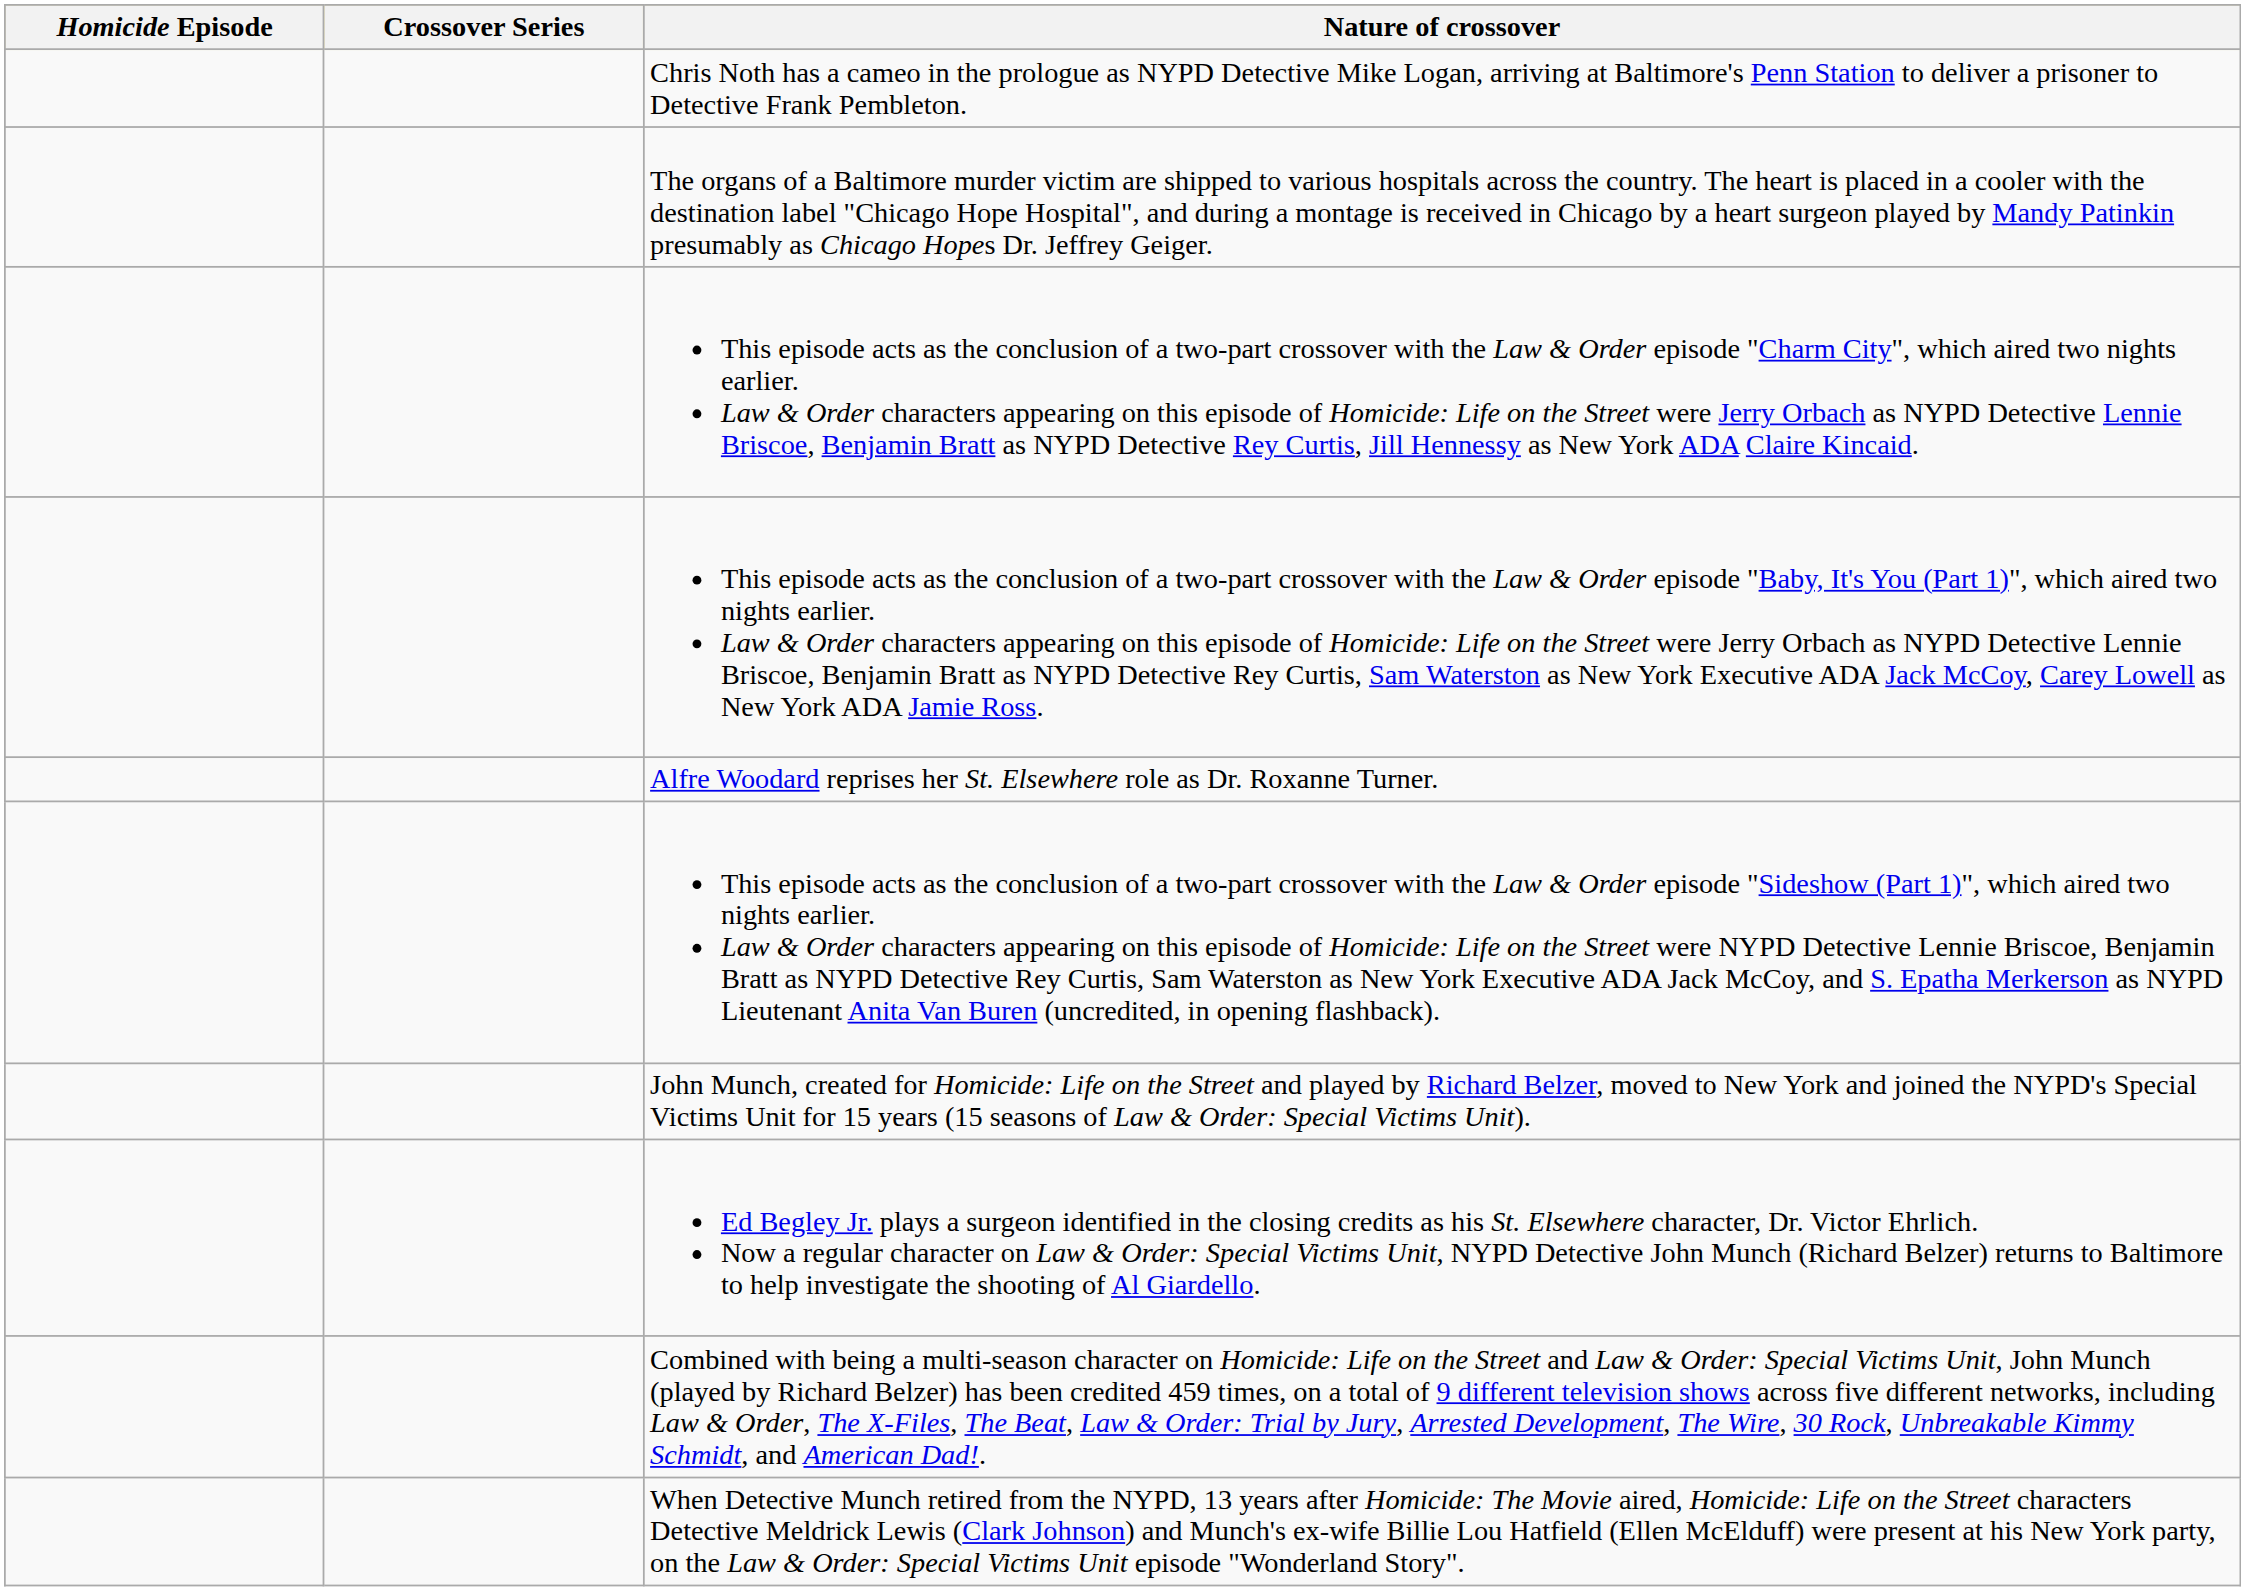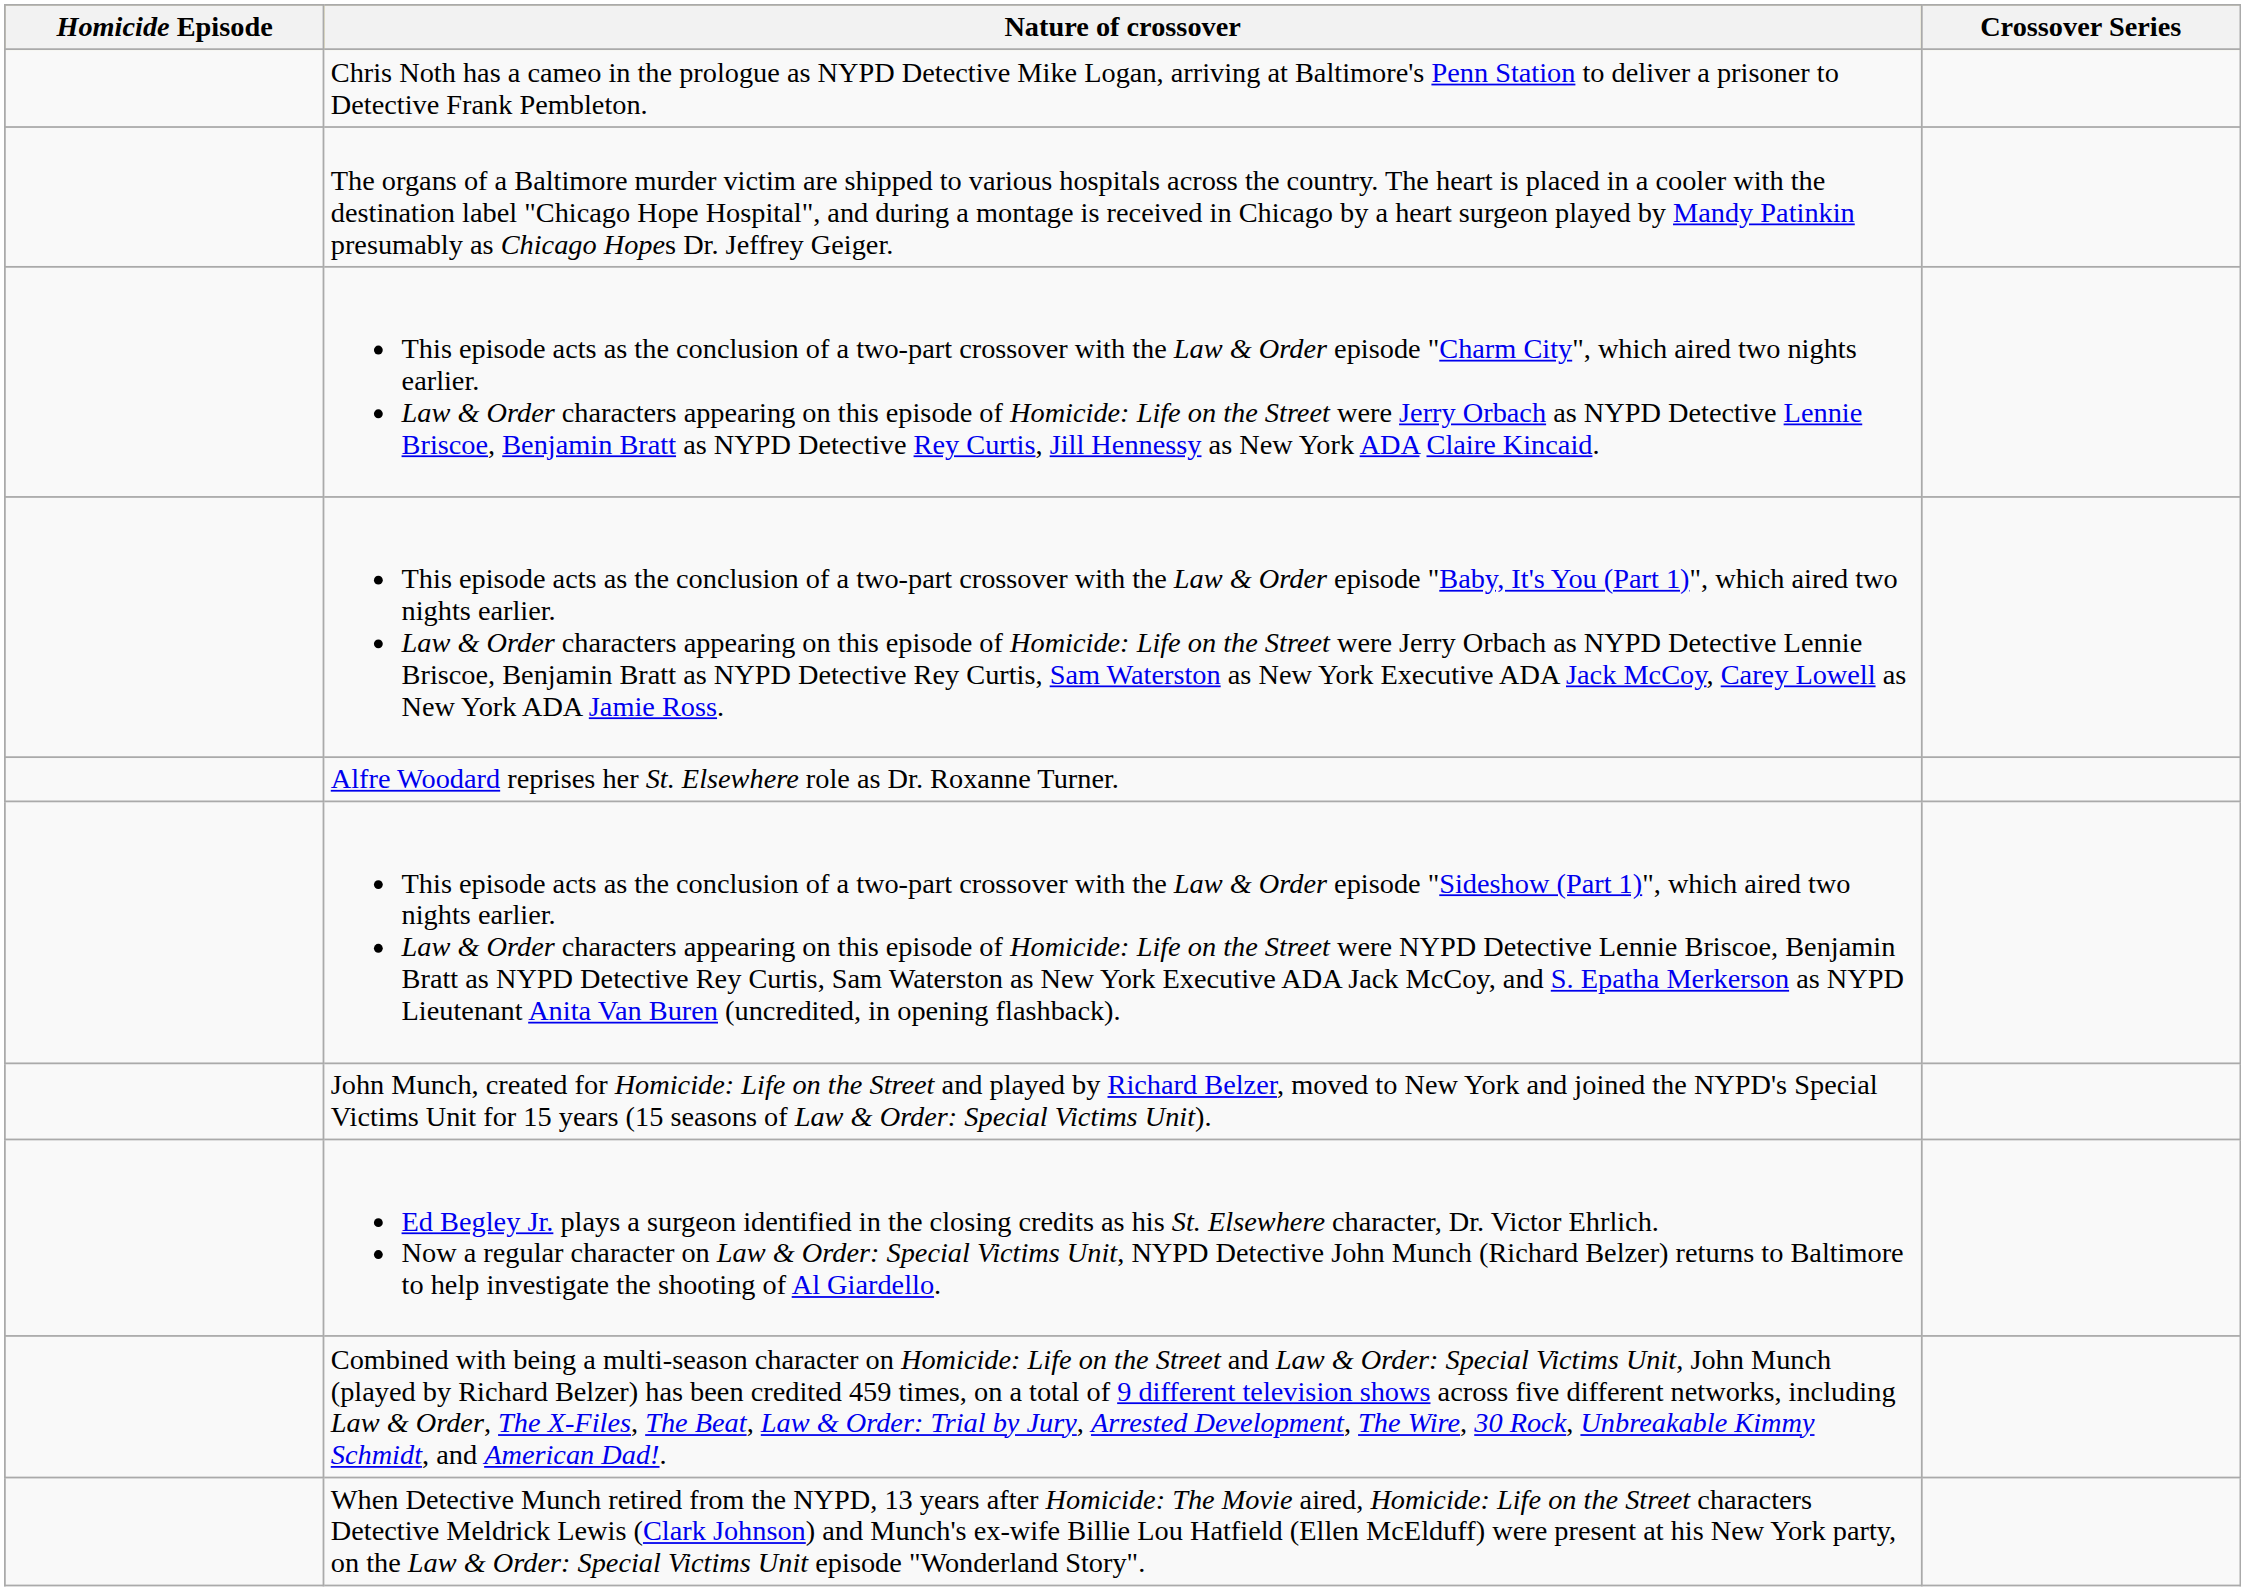 <table class="wikitable" width="100%">
 <tr style="background-color:#eed62d">
 <th width="10%"><em>Homicide</em> Episode</th>
+<th width="50%">Nature of crossover</th>
 <th width="10%">Crossover Series</th>
-<th width="50%">Nature of crossover</th>
 </tr>
 <tr>
 <td></td>
+<td>Chris Noth has a cameo in the prologue as NYPD Detective Mike Logan, arriving at Baltimore's <a href='#'>Penn Station</a> to deliver a prisoner to Detective Frank Pembleton.</td>
 <td></td>
-<td>Chris Noth has a cameo in the prologue as NYPD Detective Mike Logan, arriving at Baltimore's <a href='#'>Penn Station</a> to deliver a prisoner to Detective Frank Pembleton.</td>
 </tr>
 <tr>
 <td></td>
+<td><br>The organs of a Baltimore murder victim are shipped to various hospitals across the country. The heart is placed in a cooler with the destination label "Chicago Hope Hospital", and during a montage is received in Chicago by a heart surgeon played by <a href='#'>Mandy Patinkin</a> presumably as <em>Chicago Hope</em>s Dr. Jeffrey Geiger.</td>
 <td></td>
-<td><br>The organs of a Baltimore murder victim are shipped to various hospitals across the country. The heart is placed in a cooler with the destination label "Chicago Hope Hospital", and during a montage is received in Chicago by a heart surgeon played by <a href='#'>Mandy Patinkin</a> presumably as <em>Chicago Hope</em>s Dr. Jeffrey Geiger.</td>
 </tr>
 <tr>
 <td></td>
+<td><br><ul><li>This episode acts as the conclusion of a two-part crossover with the <em>Law & Order</em> episode "<a href='#'>Charm City</a>", which aired two nights earlier.</li><li><em>Law & Order</em> characters appearing on this episode of <em>Homicide: Life on the Street</em> were <a href='#'>Jerry Orbach</a> as NYPD Detective <a href='#'>Lennie Briscoe</a>, <a href='#'>Benjamin Bratt</a> as NYPD Detective <a href='#'>Rey Curtis</a>, <a href='#'>Jill Hennessy</a> as New York <a href='#'>ADA</a> <a href='#'>Claire Kincaid</a>.</li></ul></td>
 <td></td>
-<td><br><ul><li>This episode acts as the conclusion of a two-part crossover with the <em>Law & Order</em> episode "<a href='#'>Charm City</a>", which aired two nights earlier.</li><li><em>Law & Order</em> characters appearing on this episode of <em>Homicide: Life on the Street</em> were <a href='#'>Jerry Orbach</a> as NYPD Detective <a href='#'>Lennie Briscoe</a>, <a href='#'>Benjamin Bratt</a> as NYPD Detective <a href='#'>Rey Curtis</a>, <a href='#'>Jill Hennessy</a> as New York <a href='#'>ADA</a> <a href='#'>Claire Kincaid</a>.</li></ul></td>
 </tr>
 <tr>
 <td></td>
+<td><br><ul><li>This episode acts as the conclusion of a two-part crossover with the <em>Law & Order</em> episode "<a href='#'>Baby, It's You (Part 1)</a>", which aired two nights earlier.</li><li><em>Law & Order</em> characters appearing on this episode of <em>Homicide: Life on the Street</em> were Jerry Orbach as NYPD Detective Lennie Briscoe, Benjamin Bratt as NYPD Detective Rey Curtis, <a href='#'>Sam Waterston</a> as New York Executive ADA <a href='#'>Jack McCoy</a>, <a href='#'>Carey Lowell</a> as New York ADA <a href='#'>Jamie Ross</a>.</li></ul></td>
 <td></td>
-<td><br><ul><li>This episode acts as the conclusion of a two-part crossover with the <em>Law & Order</em> episode "<a href='#'>Baby, It's You (Part 1)</a>", which aired two nights earlier.</li><li><em>Law & Order</em> characters appearing on this episode of <em>Homicide: Life on the Street</em> were Jerry Orbach as NYPD Detective Lennie Briscoe, Benjamin Bratt as NYPD Detective Rey Curtis, <a href='#'>Sam Waterston</a> as New York Executive ADA <a href='#'>Jack McCoy</a>, <a href='#'>Carey Lowell</a> as New York ADA <a href='#'>Jamie Ross</a>.</li></ul></td>
 </tr>
 <tr>
 <td></td>
+<td><a href='#'>Alfre Woodard</a> reprises her <em>St. Elsewhere</em> role as Dr. Roxanne Turner.</td>
 <td></td>
-<td><a href='#'>Alfre Woodard</a> reprises her <em>St. Elsewhere</em> role as Dr. Roxanne Turner.</td>
 </tr>
 <tr>
 <td></td>
+<td><br><ul><li>This episode acts as the conclusion of a two-part crossover with the <em>Law & Order</em> episode "<a href='#'>Sideshow (Part 1)</a>", which aired two nights earlier.</li><li><em>Law & Order</em> characters appearing on this episode of <em>Homicide: Life on the Street</em> were NYPD Detective Lennie Briscoe, Benjamin Bratt as NYPD Detective Rey Curtis, Sam Waterston as New York Executive ADA Jack McCoy, and <a href='#'>S. Epatha Merkerson</a> as NYPD Lieutenant <a href='#'>Anita Van Buren</a> (uncredited, in opening flashback).</li></ul></td>
 <td></td>
-<td><br><ul><li>This episode acts as the conclusion of a two-part crossover with the <em>Law & Order</em> episode "<a href='#'>Sideshow (Part 1)</a>", which aired two nights earlier.</li><li><em>Law & Order</em> characters appearing on this episode of <em>Homicide: Life on the Street</em> were NYPD Detective Lennie Briscoe, Benjamin Bratt as NYPD Detective Rey Curtis, Sam Waterston as New York Executive ADA Jack McCoy, and <a href='#'>S. Epatha Merkerson</a> as NYPD Lieutenant <a href='#'>Anita Van Buren</a> (uncredited, in opening flashback).</li></ul></td>
 </tr>
 <tr>
 <td></td>
+<td>John Munch, created for <em>Homicide: Life on the Street</em> and played by <a href='#'>Richard Belzer</a>, moved to New York and joined the NYPD's Special Victims Unit for 15 years (15 seasons of <em>Law & Order: Special Victims Unit</em>).</td>
 <td></td>
-<td>John Munch, created for <em>Homicide: Life on the Street</em> and played by <a href='#'>Richard Belzer</a>, moved to New York and joined the NYPD's Special Victims Unit for 15 years (15 seasons of <em>Law & Order: Special Victims Unit</em>).</td>
 </tr>
 <tr>
 <td></td>
+<td><br><ul><li><a href='#'>Ed Begley Jr.</a> plays a surgeon identified in the closing credits as his <em>St. Elsewhere</em> character, Dr. Victor Ehrlich.</li><li>Now a regular character on <em>Law & Order: Special Victims Unit</em>, NYPD Detective John Munch (Richard Belzer) returns to Baltimore to help investigate the shooting of <a href='#'>Al Giardello</a>.</li></ul></td>
 <td></td>
-<td><br><ul><li><a href='#'>Ed Begley Jr.</a> plays a surgeon identified in the closing credits as his <em>St. Elsewhere</em> character, Dr. Victor Ehrlich.</li><li>Now a regular character on <em>Law & Order: Special Victims Unit</em>, NYPD Detective John Munch (Richard Belzer) returns to Baltimore to help investigate the shooting of <a href='#'>Al Giardello</a>.</li></ul></td>
 </tr>
 <tr>
 <td></td>
+<td>Combined with being a multi-season character on <em>Homicide: Life on the Street</em> and <em>Law & Order: Special Victims Unit</em>,  John Munch (played by Richard Belzer) has been credited 459 times, on a total of <a href='#'>9 different television shows</a> across five different networks, including <em>Law & Order</em>, <em><a href='#'>The X-Files</a></em>, <em><a href='#'>The Beat</a></em>,  <em><a href='#'>Law & Order: Trial by Jury</a></em>, <em><a href='#'>Arrested Development</a></em>, <em><a href='#'>The Wire</a></em>, <em><a href='#'>30 Rock</a></em>, <em><a href='#'>Unbreakable Kimmy Schmidt</a></em>, and <em><a href='#'>American Dad!</a></em>.</td>
 <td></td>
-<td>Combined with being a multi-season character on <em>Homicide: Life on the Street</em> and <em>Law & Order: Special Victims Unit</em>,  John Munch (played by Richard Belzer) has been credited 459 times, on a total of <a href='#'>9 different television shows</a> across five different networks, including <em>Law & Order</em>, <em><a href='#'>The X-Files</a></em>, <em><a href='#'>The Beat</a></em>,  <em><a href='#'>Law & Order: Trial by Jury</a></em>, <em><a href='#'>Arrested Development</a></em>, <em><a href='#'>The Wire</a></em>, <em><a href='#'>30 Rock</a></em>, <em><a href='#'>Unbreakable Kimmy Schmidt</a></em>, and <em><a href='#'>American Dad!</a></em>.</td>
 </tr>
 <tr>
 <td></td>
+<td>When Detective Munch retired from the NYPD, 13 years after <em>Homicide: The Movie</em> aired, <em>Homicide: Life on the Street</em> characters Detective Meldrick Lewis (<a href='#'>Clark Johnson</a>) and Munch's ex-wife Billie Lou Hatfield (Ellen McElduff) were present at his New York party, on the <em>Law & Order: Special Victims Unit</em> episode "Wonderland Story".</td>
 <td></td>
-<td>When Detective Munch retired from the NYPD, 13 years after <em>Homicide: The Movie</em> aired, <em>Homicide: Life on the Street</em> characters Detective Meldrick Lewis (<a href='#'>Clark Johnson</a>) and Munch's ex-wife Billie Lou Hatfield (Ellen McElduff) were present at his New York party, on the <em>Law & Order: Special Victims Unit</em> episode "Wonderland Story".</td>
 </tr>
 </table>
